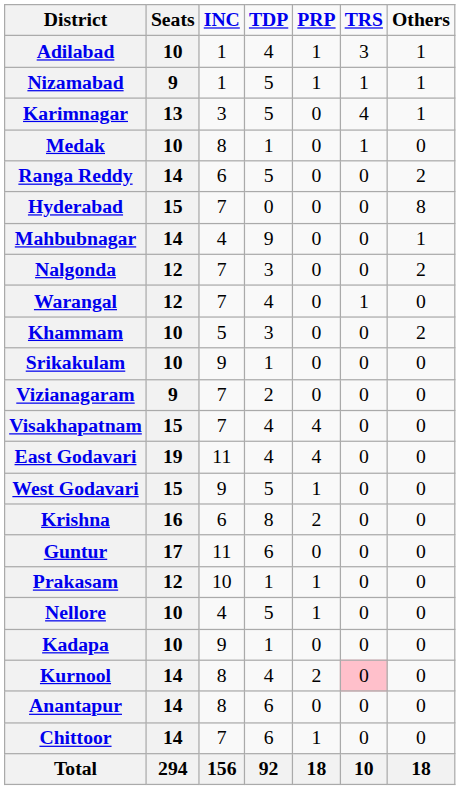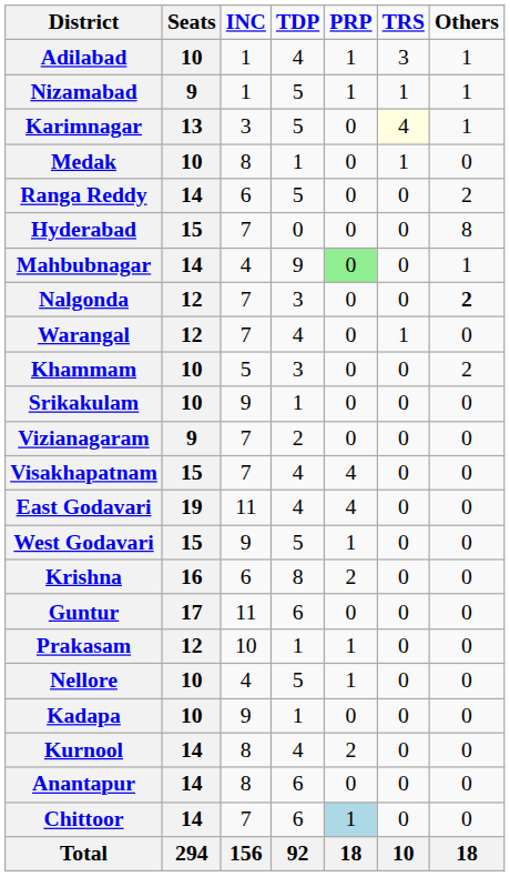 <table class="wikitable sortable" style="text-align:center;">
 <tr>
 <th>District</th>
 <th>Seats</th>
 <td><a href='#'><span><strong>INC</strong></span></a></td>
 <td><a href='#'><span><strong>TDP</strong></span></a></td>
 <td><a href='#'><span><strong>PRP</strong></span></a></td>
 <td><a href='#'><span><strong>TRS</strong></span></a></td>
 <td><span><strong>Others</strong></span></td>
 </tr>
 <tr>
 <th><a href='#'>Adilabad</a></th>
 <th>10</th>
 <td>1</td>
 <td style="background:">4</td>
 <td>1</td>
 <td>3</td>
 <td>1</td>
 </tr>
 <tr>
 <th><a href='#'>Nizamabad</a></th>
 <th>9</th>
 <td>1</td>
 <td style="background:">5</td>
 <td>1</td>
 <td>1</td>
 <td>1</td>
 </tr>
 <tr>
 <th><a href='#'>Karimnagar</a></th>
 <th>13</th>
 <td>3</td>
 <td style="background:">5</td>
 <td>0</td>
-<td>4</td>
+<td style="background: lightyellow;">4</td>
 <td>1</td>
 </tr>
 <tr>
 <th><a href='#'>Medak</a></th>
 <th>10</th>
 <td style="background:">8</td>
 <td>1</td>
 <td>0</td>
 <td>1</td>
 <td>0</td>
 </tr>
 <tr>
 <th><a href='#'>Ranga Reddy</a></th>
 <th>14</th>
 <td style="background:">6</td>
 <td>5</td>
 <td>0</td>
 <td>0</td>
 <td>2</td>
 </tr>
 <tr>
 <th><a href='#'>Hyderabad</a></th>
 <th>15</th>
 <td>7</td>
 <td>0</td>
 <td>0</td>
 <td>0</td>
 <td>8</td>
 </tr>
 <tr>
 <th><a href='#'>Mahbubnagar</a></th>
 <th>14</th>
 <td>4</td>
 <td style="background:">9</td>
-<td>0</td>
+<td style="background: lightgreen;">0</td>
 <td>0</td>
 <td>1</td>
 </tr>
 <tr>
 <th><a href='#'>Nalgonda</a></th>
 <th>12</th>
 <td style="background:">7</td>
 <td>3</td>
 <td>0</td>
 <td>0</td>
-<td>2</td>
+<td><strong>2</strong></td>
 </tr>
 <tr>
 <th><a href='#'>Warangal</a></th>
 <th>12</th>
 <td style="background:">7</td>
 <td>4</td>
 <td>0</td>
 <td>1</td>
 <td>0</td>
 </tr>
 <tr>
 <th><a href='#'>Khammam</a></th>
 <th>10</th>
 <td style="background:">5</td>
 <td>3</td>
 <td>0</td>
 <td>0</td>
 <td>2</td>
 </tr>
 <tr>
 <th><a href='#'>Srikakulam</a></th>
 <th>10</th>
 <td style="background:">9</td>
 <td>1</td>
 <td>0</td>
 <td>0</td>
 <td>0</td>
 </tr>
 <tr>
 <th><a href='#'>Vizianagaram</a></th>
 <th>9</th>
 <td style="background:">7</td>
 <td>2</td>
 <td>0</td>
 <td>0</td>
 <td>0</td>
 </tr>
 <tr>
 <th><a href='#'>Visakhapatnam</a></th>
 <th>15</th>
 <td style="background:">7</td>
 <td>4</td>
 <td>4</td>
 <td>0</td>
 <td>0</td>
 </tr>
 <tr>
 <th><a href='#'>East Godavari</a></th>
 <th>19</th>
 <td style="background:">11</td>
 <td>4</td>
 <td>4</td>
 <td>0</td>
 <td>0</td>
 </tr>
 <tr>
 <th><a href='#'>West Godavari</a></th>
 <th>15</th>
 <td style="background:">9</td>
 <td>5</td>
 <td>1</td>
 <td>0</td>
 <td>0</td>
 </tr>
 <tr>
 <th><a href='#'>Krishna</a></th>
 <th>16</th>
 <td>6</td>
 <td style="background:">8</td>
 <td>2</td>
 <td>0</td>
 <td>0</td>
 </tr>
 <tr>
 <th><a href='#'>Guntur</a></th>
 <th>17</th>
 <td style="background:">11</td>
 <td>6</td>
 <td>0</td>
 <td>0</td>
 <td>0</td>
 </tr>
 <tr>
 <th><a href='#'>Prakasam</a></th>
 <th>12</th>
 <td style="background:">10</td>
 <td>1</td>
 <td>1</td>
 <td>0</td>
 <td>0</td>
 </tr>
 <tr>
 <th><a href='#'>Nellore</a></th>
 <th>10</th>
 <td>4</td>
 <td style="background:">5</td>
 <td>1</td>
 <td>0</td>
 <td>0</td>
 </tr>
 <tr>
 <th><a href='#'>Kadapa</a></th>
 <th>10</th>
 <td style="background:">9</td>
 <td>1</td>
 <td>0</td>
 <td>0</td>
 <td>0</td>
 </tr>
 <tr>
 <th><a href='#'>Kurnool</a></th>
 <th>14</th>
 <td style="background:">8</td>
 <td>4</td>
 <td>2</td>
-<td style="background: pink;">0</td>
+<td>0</td>
 <td>0</td>
 </tr>
 <tr>
 <th><a href='#'>Anantapur</a></th>
 <th>14</th>
 <td style="background:">8</td>
 <td>6</td>
 <td>0</td>
 <td>0</td>
 <td>0</td>
 </tr>
 <tr>
 <th><a href='#'>Chittoor</a></th>
 <th>14</th>
 <td style="background:">7</td>
 <td>6</td>
-<td>1</td>
+<td style="background: lightblue;">1</td>
 <td>0</td>
 <td>0</td>
 </tr>
 <tr>
 <th>Total</th>
 <th>294</th>
 <th>156</th>
 <th>92</th>
 <th>18</th>
 <th>10</th>
 <th>18</th>
 </tr>
 </table>
